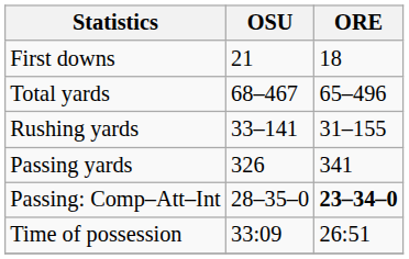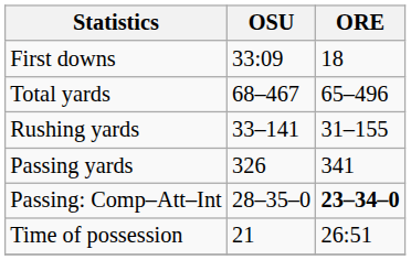 <table class="wikitable" style="float: left;">
 <tr>
 <th>Statistics</th>
 <th>OSU</th>
 <th>ORE</th>
 </tr>
 <tr>
 <td>First downs</td>
-<td>21</td>
+<td>33:09</td>
 <td>18</td>
 </tr>
 <tr>
 <td>Total yards</td>
 <td>68–467</td>
 <td>65–496</td>
 </tr>
 <tr>
 <td>Rushing yards</td>
 <td>33–141</td>
 <td>31–155</td>
 </tr>
 <tr>
 <td>Passing yards</td>
 <td>326</td>
 <td>341</td>
 </tr>
 <tr>
 <td>Passing: Comp–Att–Int</td>
 <td>28–35–0</td>
 <td><strong>23–34–0</strong></td>
 </tr>
 <tr>
 <td>Time of possession</td>
-<td>33:09</td>
+<td>21</td>
 <td>26:51</td>
 </tr>
 <tr>
 </tr>
 </table>
